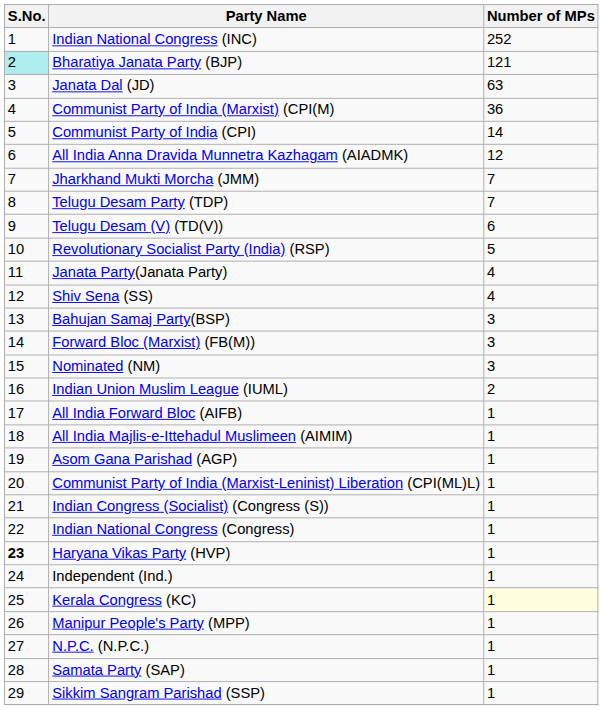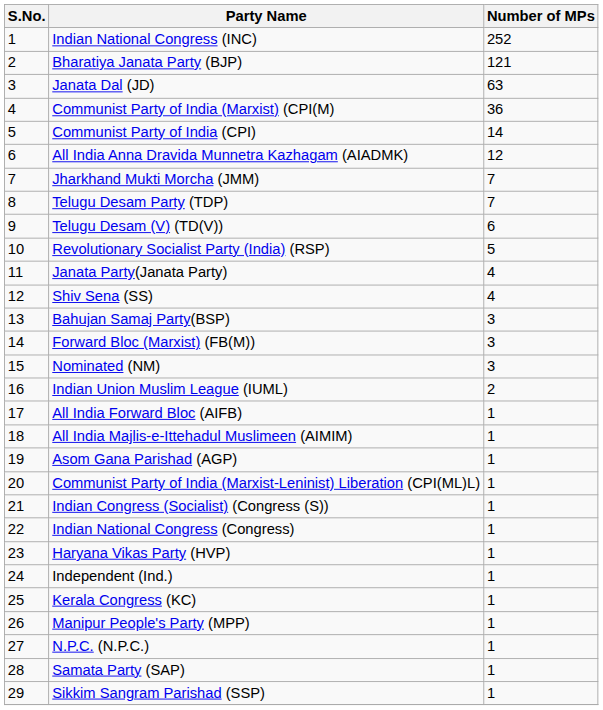 <table class="wikitable">
 <tr>
 <th>S.No.</th>
 <th>Party Name</th>
 <th>Number of MPs</th>
 </tr>
 <tr>
 <td>1</td>
 <td><a href='#'>Indian National Congress</a> (INC)</td>
 <td>252</td>
 </tr>
 <tr>
-<td style="background: paleturquoise;">2</td>
+<td>2</td>
 <td><a href='#'>Bharatiya Janata Party</a> (BJP)</td>
 <td>121</td>
 </tr>
 <tr>
 <td>3</td>
 <td><a href='#'>Janata Dal</a> (JD)</td>
 <td>63</td>
 </tr>
 <tr>
 <td>4</td>
 <td><a href='#'>Communist Party of India (Marxist)</a> (CPI(M)</td>
 <td>36</td>
 </tr>
 <tr>
 <td>5</td>
 <td><a href='#'>Communist Party of India</a> (CPI)</td>
 <td>14</td>
 </tr>
 <tr>
 <td>6</td>
 <td><a href='#'>All India Anna Dravida Munnetra Kazhagam</a> (AIADMK)</td>
 <td>12</td>
 </tr>
 <tr>
 <td>7</td>
 <td><a href='#'>Jharkhand Mukti Morcha</a> (JMM)</td>
 <td>7</td>
 </tr>
 <tr>
 <td>8</td>
 <td><a href='#'>Telugu Desam Party</a> (TDP)</td>
 <td>7</td>
 </tr>
 <tr>
 <td>9</td>
 <td><a href='#'>Telugu Desam (V)</a> (TD(V))</td>
 <td>6</td>
 </tr>
 <tr>
 <td>10</td>
 <td><a href='#'>Revolutionary Socialist Party (India)</a> (RSP)</td>
 <td>5</td>
 </tr>
 <tr>
 <td>11</td>
 <td><a href='#'>Janata Party</a>(Janata Party)</td>
 <td>4</td>
 </tr>
 <tr>
 <td>12</td>
 <td><a href='#'>Shiv Sena</a> (SS)</td>
 <td>4</td>
 </tr>
 <tr>
 <td>13</td>
 <td><a href='#'>Bahujan Samaj Party</a>(BSP)</td>
 <td>3</td>
 </tr>
 <tr>
 <td>14</td>
 <td><a href='#'>Forward Bloc (Marxist)</a> (FB(M))</td>
 <td>3</td>
 </tr>
 <tr>
 <td>15</td>
 <td><a href='#'>Nominated</a> (NM)</td>
 <td>3</td>
 </tr>
 <tr>
 <td>16</td>
 <td><a href='#'>Indian Union Muslim League</a> (IUML)</td>
 <td>2</td>
 </tr>
 <tr>
 <td>17</td>
 <td><a href='#'>All India Forward Bloc</a> (AIFB)</td>
 <td>1</td>
 </tr>
 <tr>
 <td>18</td>
 <td><a href='#'>All India Majlis-e-Ittehadul Muslimeen</a> (AIMIM)</td>
 <td>1</td>
 </tr>
 <tr>
 <td>19</td>
 <td><a href='#'>Asom Gana Parishad</a> (AGP)</td>
 <td>1</td>
 </tr>
 <tr>
 <td>20</td>
 <td><a href='#'>Communist Party of India (Marxist-Leninist) Liberation</a> (CPI(ML)L)</td>
 <td>1</td>
 </tr>
 <tr>
 <td>21</td>
 <td><a href='#'>Indian Congress (Socialist)</a> (Congress (S))</td>
 <td>1</td>
 </tr>
 <tr>
 <td>22</td>
 <td><a href='#'>Indian National Congress</a> (Congress)</td>
 <td>1</td>
 </tr>
 <tr>
-<td><strong>23</strong></td>
+<td>23</td>
 <td><a href='#'>Haryana Vikas Party</a> (HVP)</td>
 <td>1</td>
 </tr>
 <tr>
 <td>24</td>
 <td>Independent (Ind.)</td>
 <td>1</td>
 </tr>
 <tr>
 <td>25</td>
 <td><a href='#'>Kerala Congress</a> (KC)</td>
-<td style="background: lightyellow;">1</td>
+<td>1</td>
 </tr>
 <tr>
 <td>26</td>
 <td><a href='#'>Manipur People's Party</a> (MPP)</td>
 <td>1</td>
 </tr>
 <tr>
 <td>27</td>
 <td><a href='#'>N.P.C.</a> (N.P.C.)</td>
 <td>1</td>
 </tr>
 <tr>
 <td>28</td>
 <td><a href='#'>Samata Party</a> (SAP)</td>
 <td>1</td>
 </tr>
 <tr>
 <td>29</td>
 <td><a href='#'>Sikkim Sangram Parishad</a> (SSP)</td>
 <td>1</td>
 </tr>
 <tr>
 </tr>
 </table>
